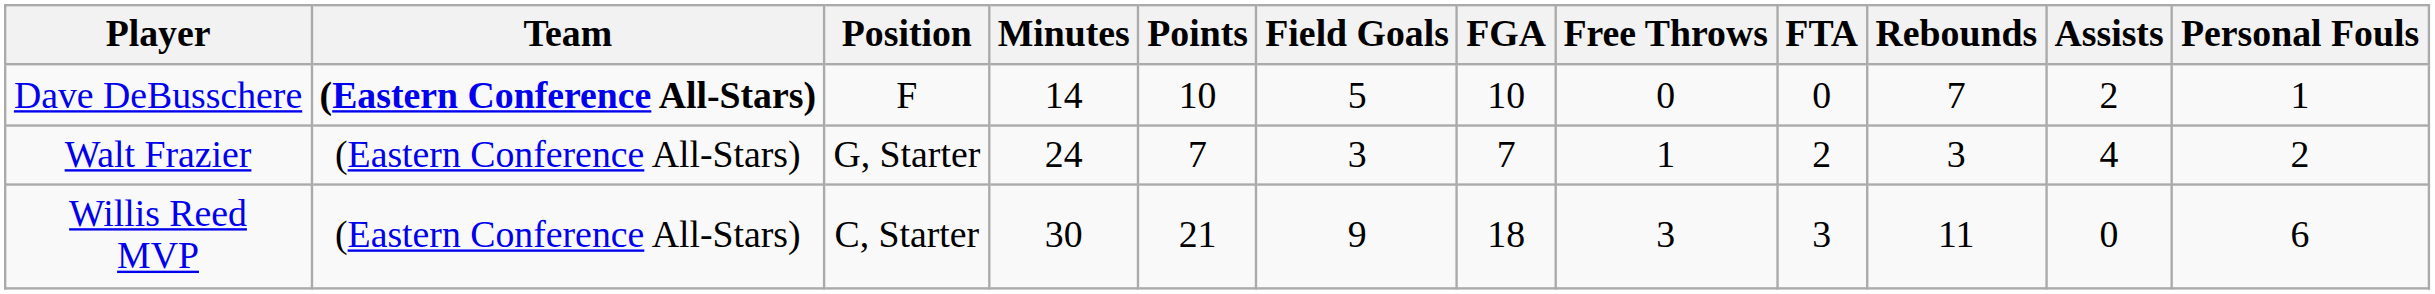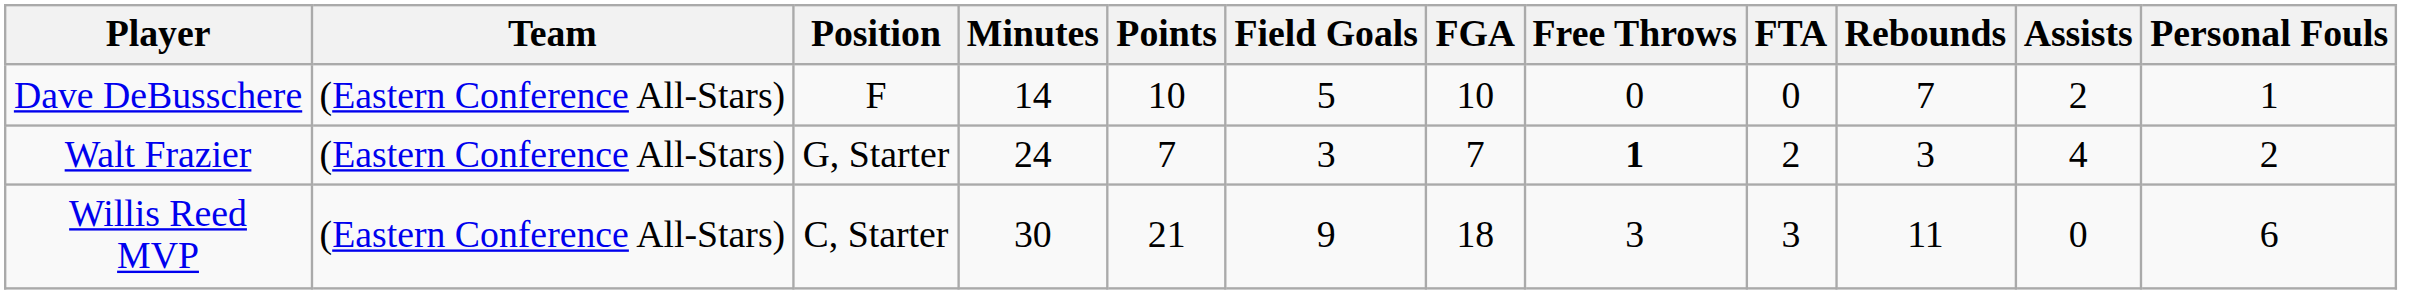 <table class="wikitable sortable sortable" style="text-align: center">
 <tr>
 <th>Player</th>
 <th>Team</th>
 <th>Position</th>
 <th>Minutes</th>
 <th>Points</th>
 <th>Field Goals</th>
 <th>FGA</th>
 <th>Free Throws</th>
 <th>FTA</th>
 <th>Rebounds</th>
 <th>Assists</th>
 <th>Personal Fouls</th>
 </tr>
 <tr align="center">
 <td><a href='#'>Dave DeBusschere</a></td>
-<td><strong>(<a href='#'>Eastern Conference</a> All-Stars)</strong></td>
+<td>(<a href='#'>Eastern Conference</a> All-Stars)</td>
 <td>F</td>
 <td>14</td>
 <td>10</td>
 <td>5</td>
 <td>10</td>
 <td>0</td>
 <td>0</td>
 <td>7</td>
 <td>2</td>
 <td>1</td>
 </tr>
 <tr align="center">
 <td><a href='#'>Walt Frazier</a></td>
 <td>(<a href='#'>Eastern Conference</a> All-Stars)</td>
 <td>G, Starter</td>
 <td>24</td>
 <td>7</td>
 <td>3</td>
 <td>7</td>
-<td>1</td>
+<td><strong>1</strong></td>
 <td>2</td>
 <td>3</td>
 <td>4</td>
 <td>2</td>
 </tr>
 <tr align="center">
 <td><a href='#'>Willis Reed</a><br><a href='#'>MVP</a></td>
 <td>(<a href='#'>Eastern Conference</a> All-Stars)</td>
 <td>C, Starter</td>
 <td>30</td>
 <td>21</td>
 <td>9</td>
 <td>18</td>
 <td>3</td>
 <td>3</td>
 <td>11</td>
 <td>0</td>
 <td>6</td>
 </tr>
 </table>
